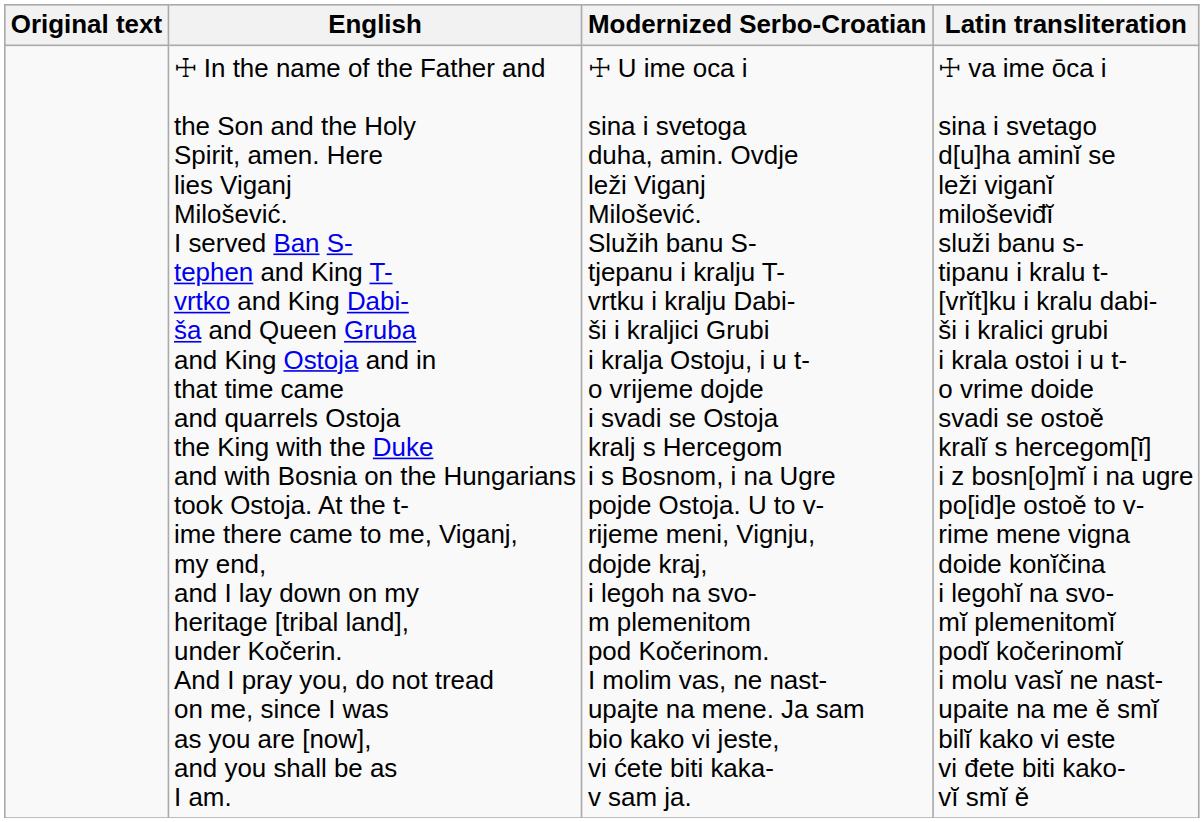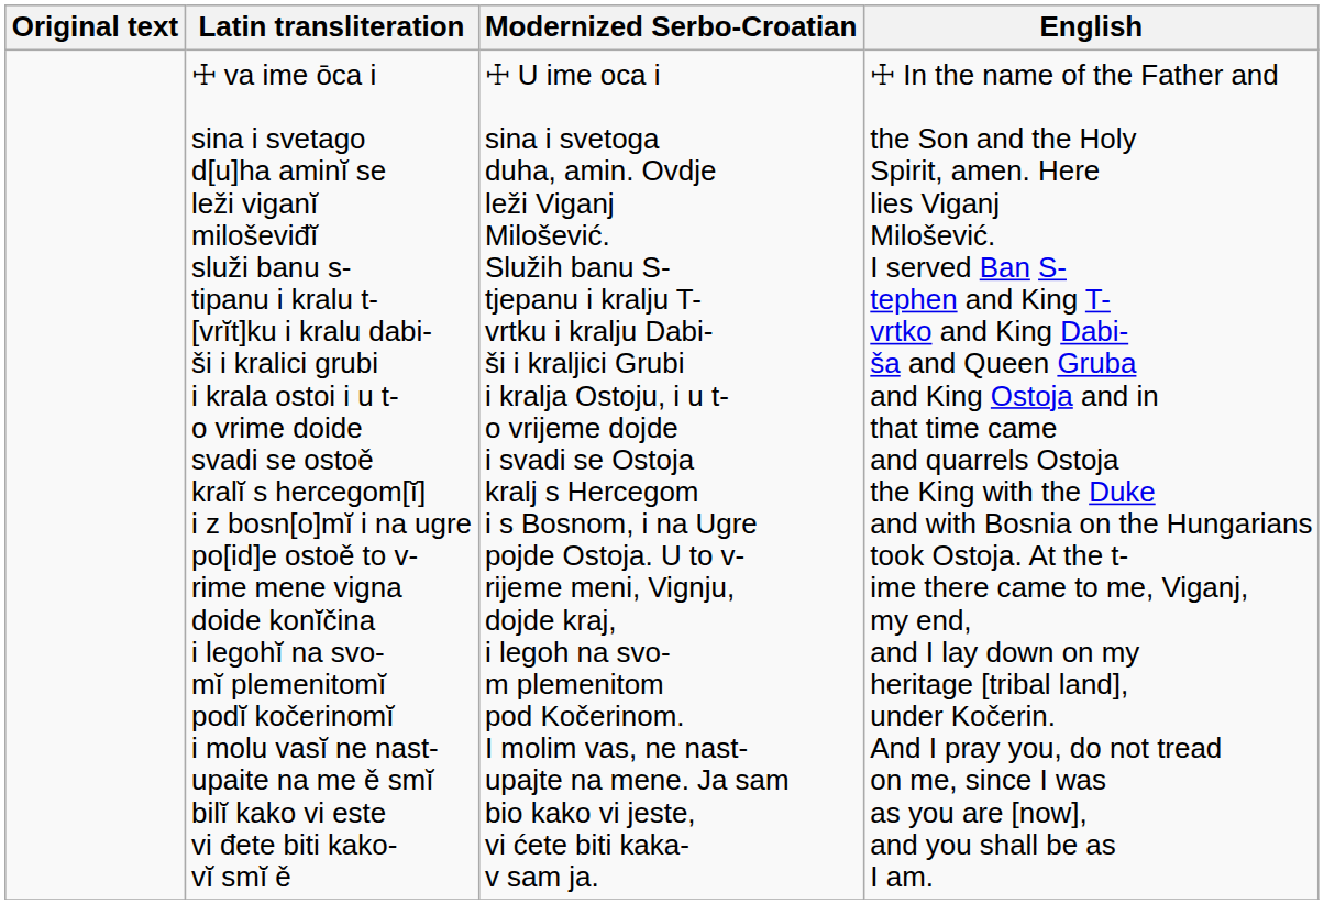 <table class="wikitable">
 <tr>
 <th scope="col">Original text</th>
+<th scope="col">Latin transliteration</th>
+<th scope="col">Modernized Serbo-Croatian</th>
 <th scope="col">English</th>
-<th scope="col">Modernized Serbo-Croatian</th>
-<th scope="col">Latin transliteration</th>
 </tr>
 <tr>
 <td><br><br><br> <br> <br> <br> <br> <br> <br> <br> <br> <br> <br> <br> <br> <br> <br> <br> <br> <br> <br> <br> <br> <br> <br> </td>
+<td>☩ va ime ōca i <br><br>sina i svetago <br> d[u]ha aminĭ se <br> leži viganĭ <br> miloševiđĭ <br> služi banu s-<br> tipanu i kralu t-<br> [vrĭt]ku i kralu dabi-<br> ši i kralici grubi <br> i krala ostoi i u t-<br> o vrime doide <br> svadi se ostoě <br> kralĭ s hercegom[ĭ] <br> i z bosn[o]mĭ i na ugre <br> po[id]e ostoě to v-<br> rime mene vigna <br> doide konĭčina <br> i legohĭ na svo-<br> mĭ plemenitomĭ <br> podĭ kočerinomĭ <br> i molu vasĭ ne nast-<br> upaite na me ě smĭ <br> bilĭ kako vi este <br> vi đete biti kako-<br> vĭ smĭ ě</td>
+<td>☩ U ime oca i <br><br>sina i svetoga <br> duha, amin. Ovdje <br> leži Viganj <br> Milošević. <br> Služih banu S-<br> tjepanu i kralju T-<br> vrtku i kralju Dabi-<br> ši i kraljici Grubi <br> i kralja Ostoju, i u t-<br> o vrijeme dojde <br> i svadi se Ostoja <br> kralj s Hercegom <br> i s Bosnom, i na Ugre <br> pojde Ostoja. U to v-<br> rijeme meni, Vignju, <br> dojde kraj, <br> i legoh na svo-<br> m plemenitom <br> pod Kočerinom. <br> I molim vas, ne nast-<br> upajte na mene. Ja sam <br> bio kako vi jeste, <br> vi ćete biti kaka-<br> v sam ja.</td>
 <td>☩ In the name of the Father and <br><br>the Son and the Holy <br> Spirit, amen. Here <br> lies Viganj <br> Milošević. <br> I served <a href='#'>Ban</a> <a href='#'>S-<br> tephen</a> and King <a href='#'>T-<br> vrtko</a> and King <a href='#'>Dabi-<br> ša</a> and Queen <a href='#'>Gruba</a><br> and King <a href='#'>Ostoja</a> and in <br> that time came<br> and quarrels Ostoja<br> the King with the <a href='#'>Duke</a><br> and with Bosnia on the Hungarians<br> took Ostoja. At the t-<br> ime there came to me, Viganj, <br> my end,<br> and I lay down on my <br> heritage [tribal land], <br> under Kočerin.<br> And I pray you, do not tread <br> on me, since I was <br> as you are [now], <br> and you shall be as <br> I am.</td>
-<td>☩ U ime oca i <br><br>sina i svetoga <br> duha, amin. Ovdje <br> leži Viganj <br> Milošević. <br> Služih banu S-<br> tjepanu i kralju T-<br> vrtku i kralju Dabi-<br> ši i kraljici Grubi <br> i kralja Ostoju, i u t-<br> o vrijeme dojde <br> i svadi se Ostoja <br> kralj s Hercegom <br> i s Bosnom, i na Ugre <br> pojde Ostoja. U to v-<br> rijeme meni, Vignju, <br> dojde kraj, <br> i legoh na svo-<br> m plemenitom <br> pod Kočerinom. <br> I molim vas, ne nast-<br> upajte na mene. Ja sam <br> bio kako vi jeste, <br> vi ćete biti kaka-<br> v sam ja.</td>
-<td>☩ va ime ōca i <br><br>sina i svetago <br> d[u]ha aminĭ se <br> leži viganĭ <br> miloševiđĭ <br> služi banu s-<br> tipanu i kralu t-<br> [vrĭt]ku i kralu dabi-<br> ši i kralici grubi <br> i krala ostoi i u t-<br> o vrime doide <br> svadi se ostoě <br> kralĭ s hercegom[ĭ] <br> i z bosn[o]mĭ i na ugre <br> po[id]e ostoě to v-<br> rime mene vigna <br> doide konĭčina <br> i legohĭ na svo-<br> mĭ plemenitomĭ <br> podĭ kočerinomĭ <br> i molu vasĭ ne nast-<br> upaite na me ě smĭ <br> bilĭ kako vi este <br> vi đete biti kako-<br> vĭ smĭ ě</td>
 </tr>
 </table>
